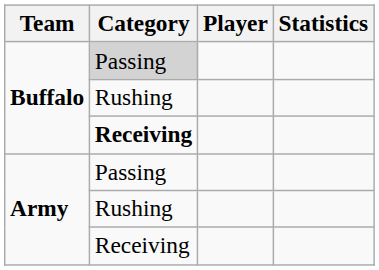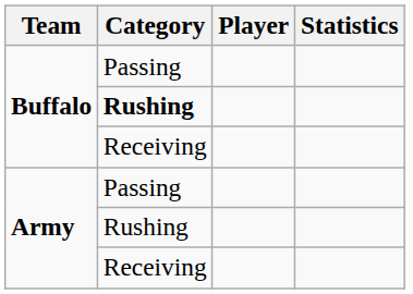 <table class="wikitable" style="float: left;">
 <tr>
 <th>Team</th>
 <th>Category</th>
 <th>Player</th>
 <th>Statistics</th>
 </tr>
 <tr>
 <td rowspan=3><strong>Buffalo</strong></td>
-<td style="background: lightgrey;">Passing</td>
+<td>Passing</td>
 <td></td>
 <td></td>
 </tr>
 <tr>
-<td>Rushing</td>
+<td><strong>Rushing</strong></td>
 <td></td>
 <td></td>
 </tr>
 <tr>
-<td><strong>Receiving</strong></td>
+<td>Receiving</td>
 <td></td>
 <td></td>
 </tr>
 <tr>
 <td rowspan=3><strong>Army</strong></td>
 <td>Passing</td>
 <td></td>
 <td></td>
 </tr>
 <tr>
 <td>Rushing</td>
 <td></td>
 <td></td>
 </tr>
 <tr>
 <td>Receiving</td>
 <td></td>
 <td></td>
 </tr>
 </table>
